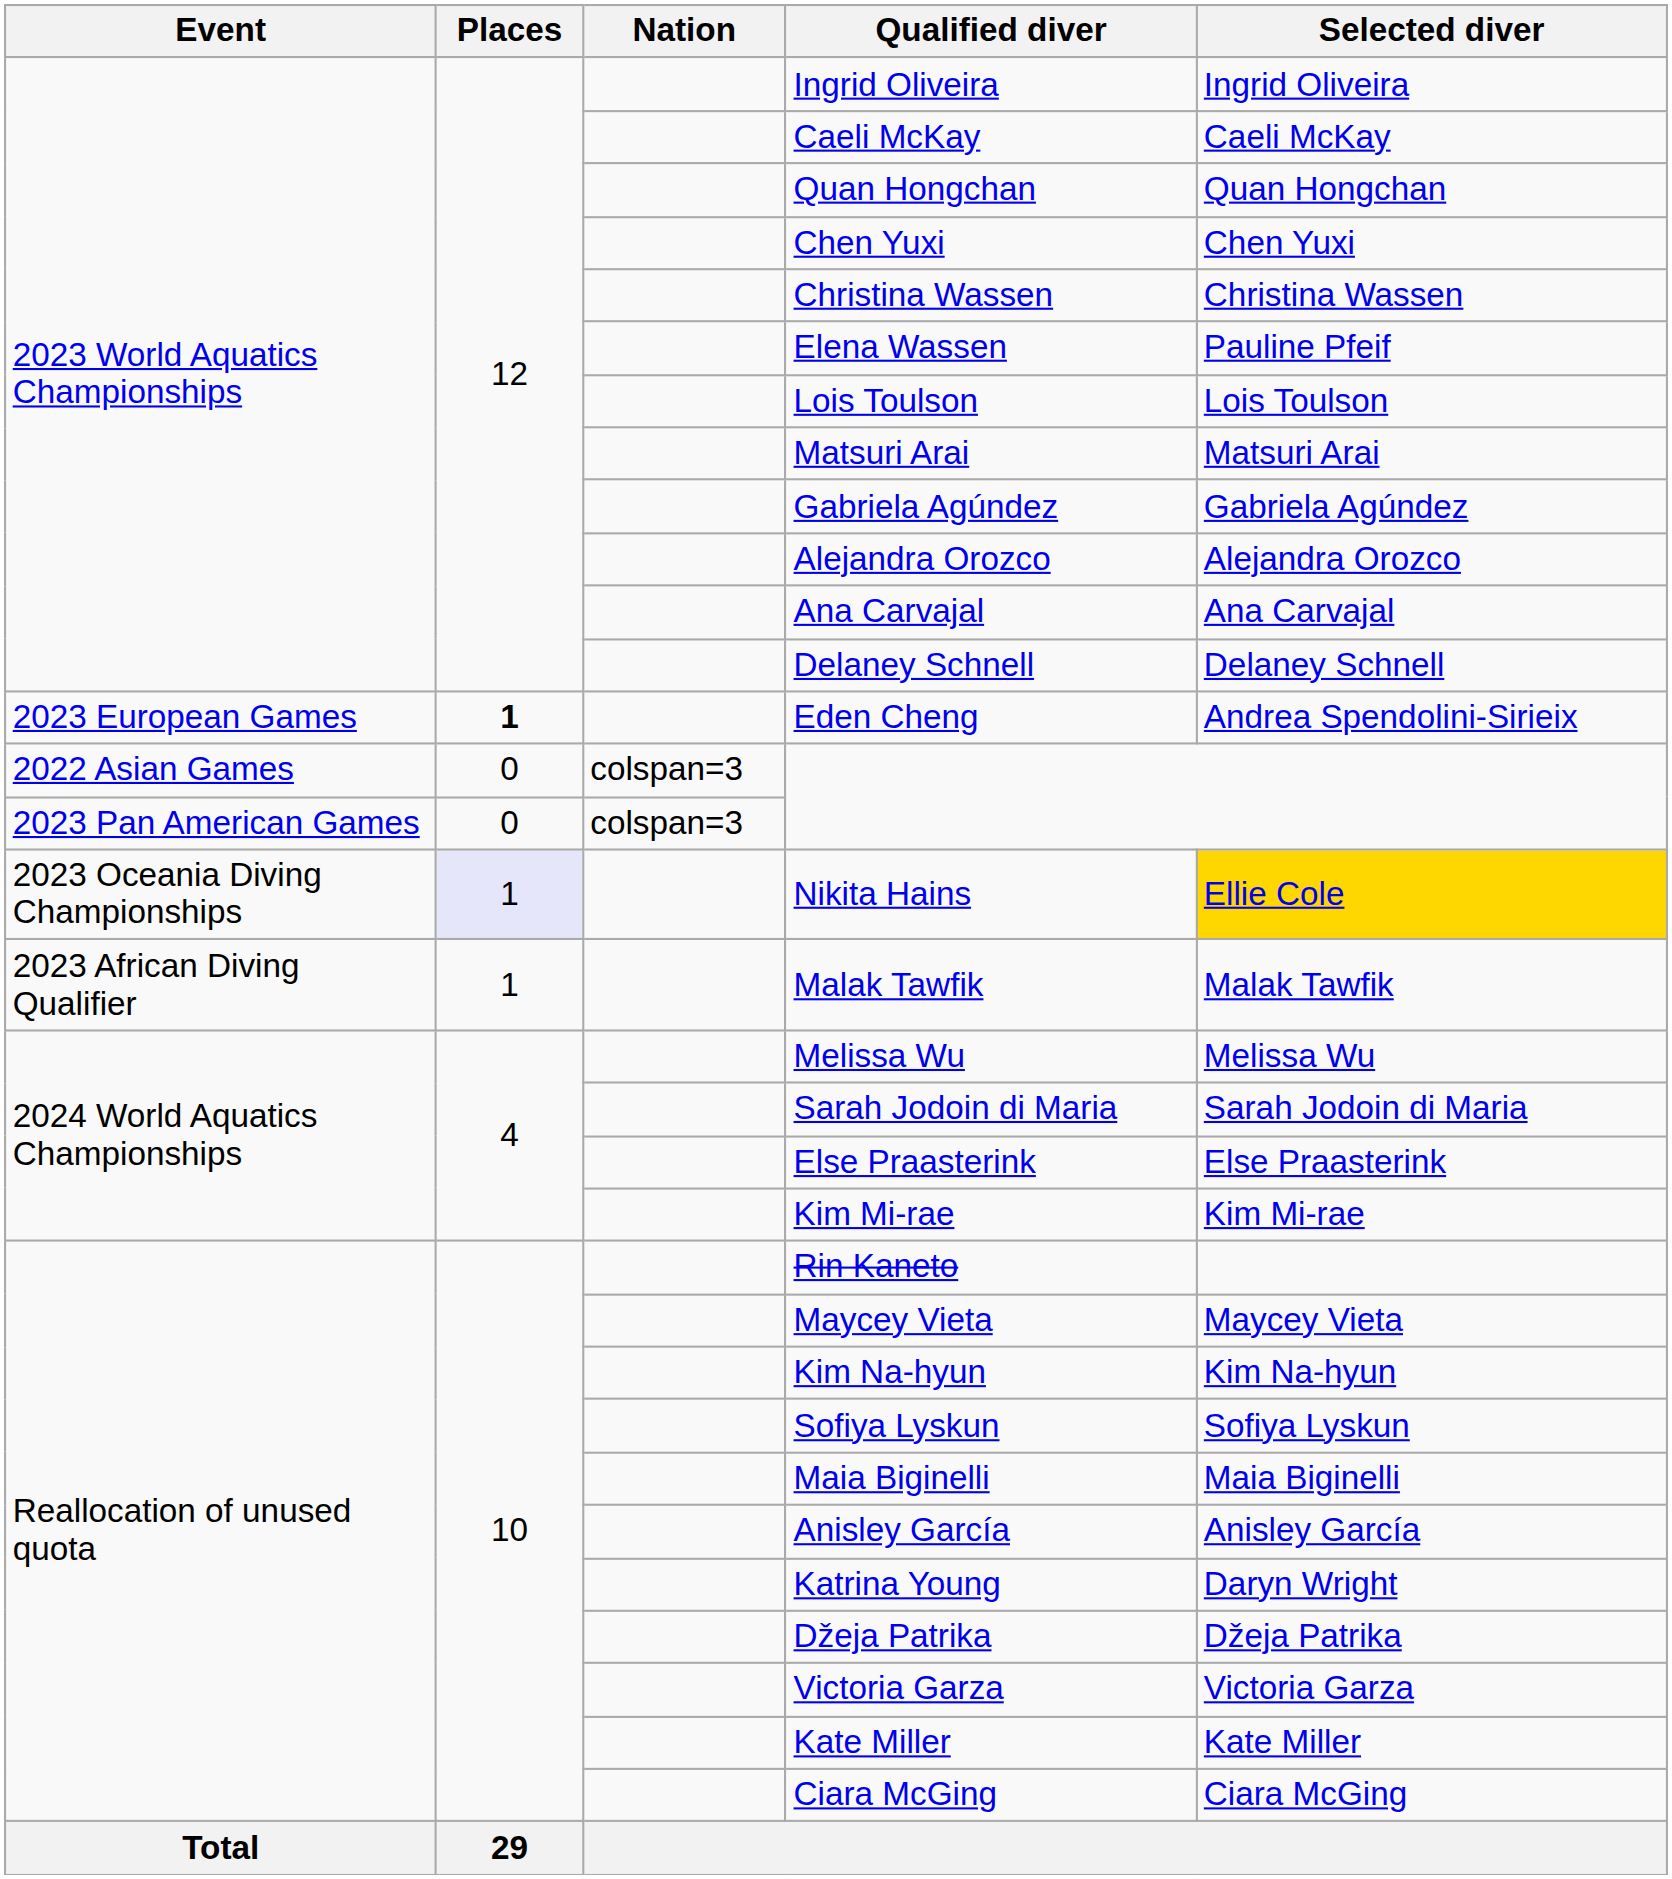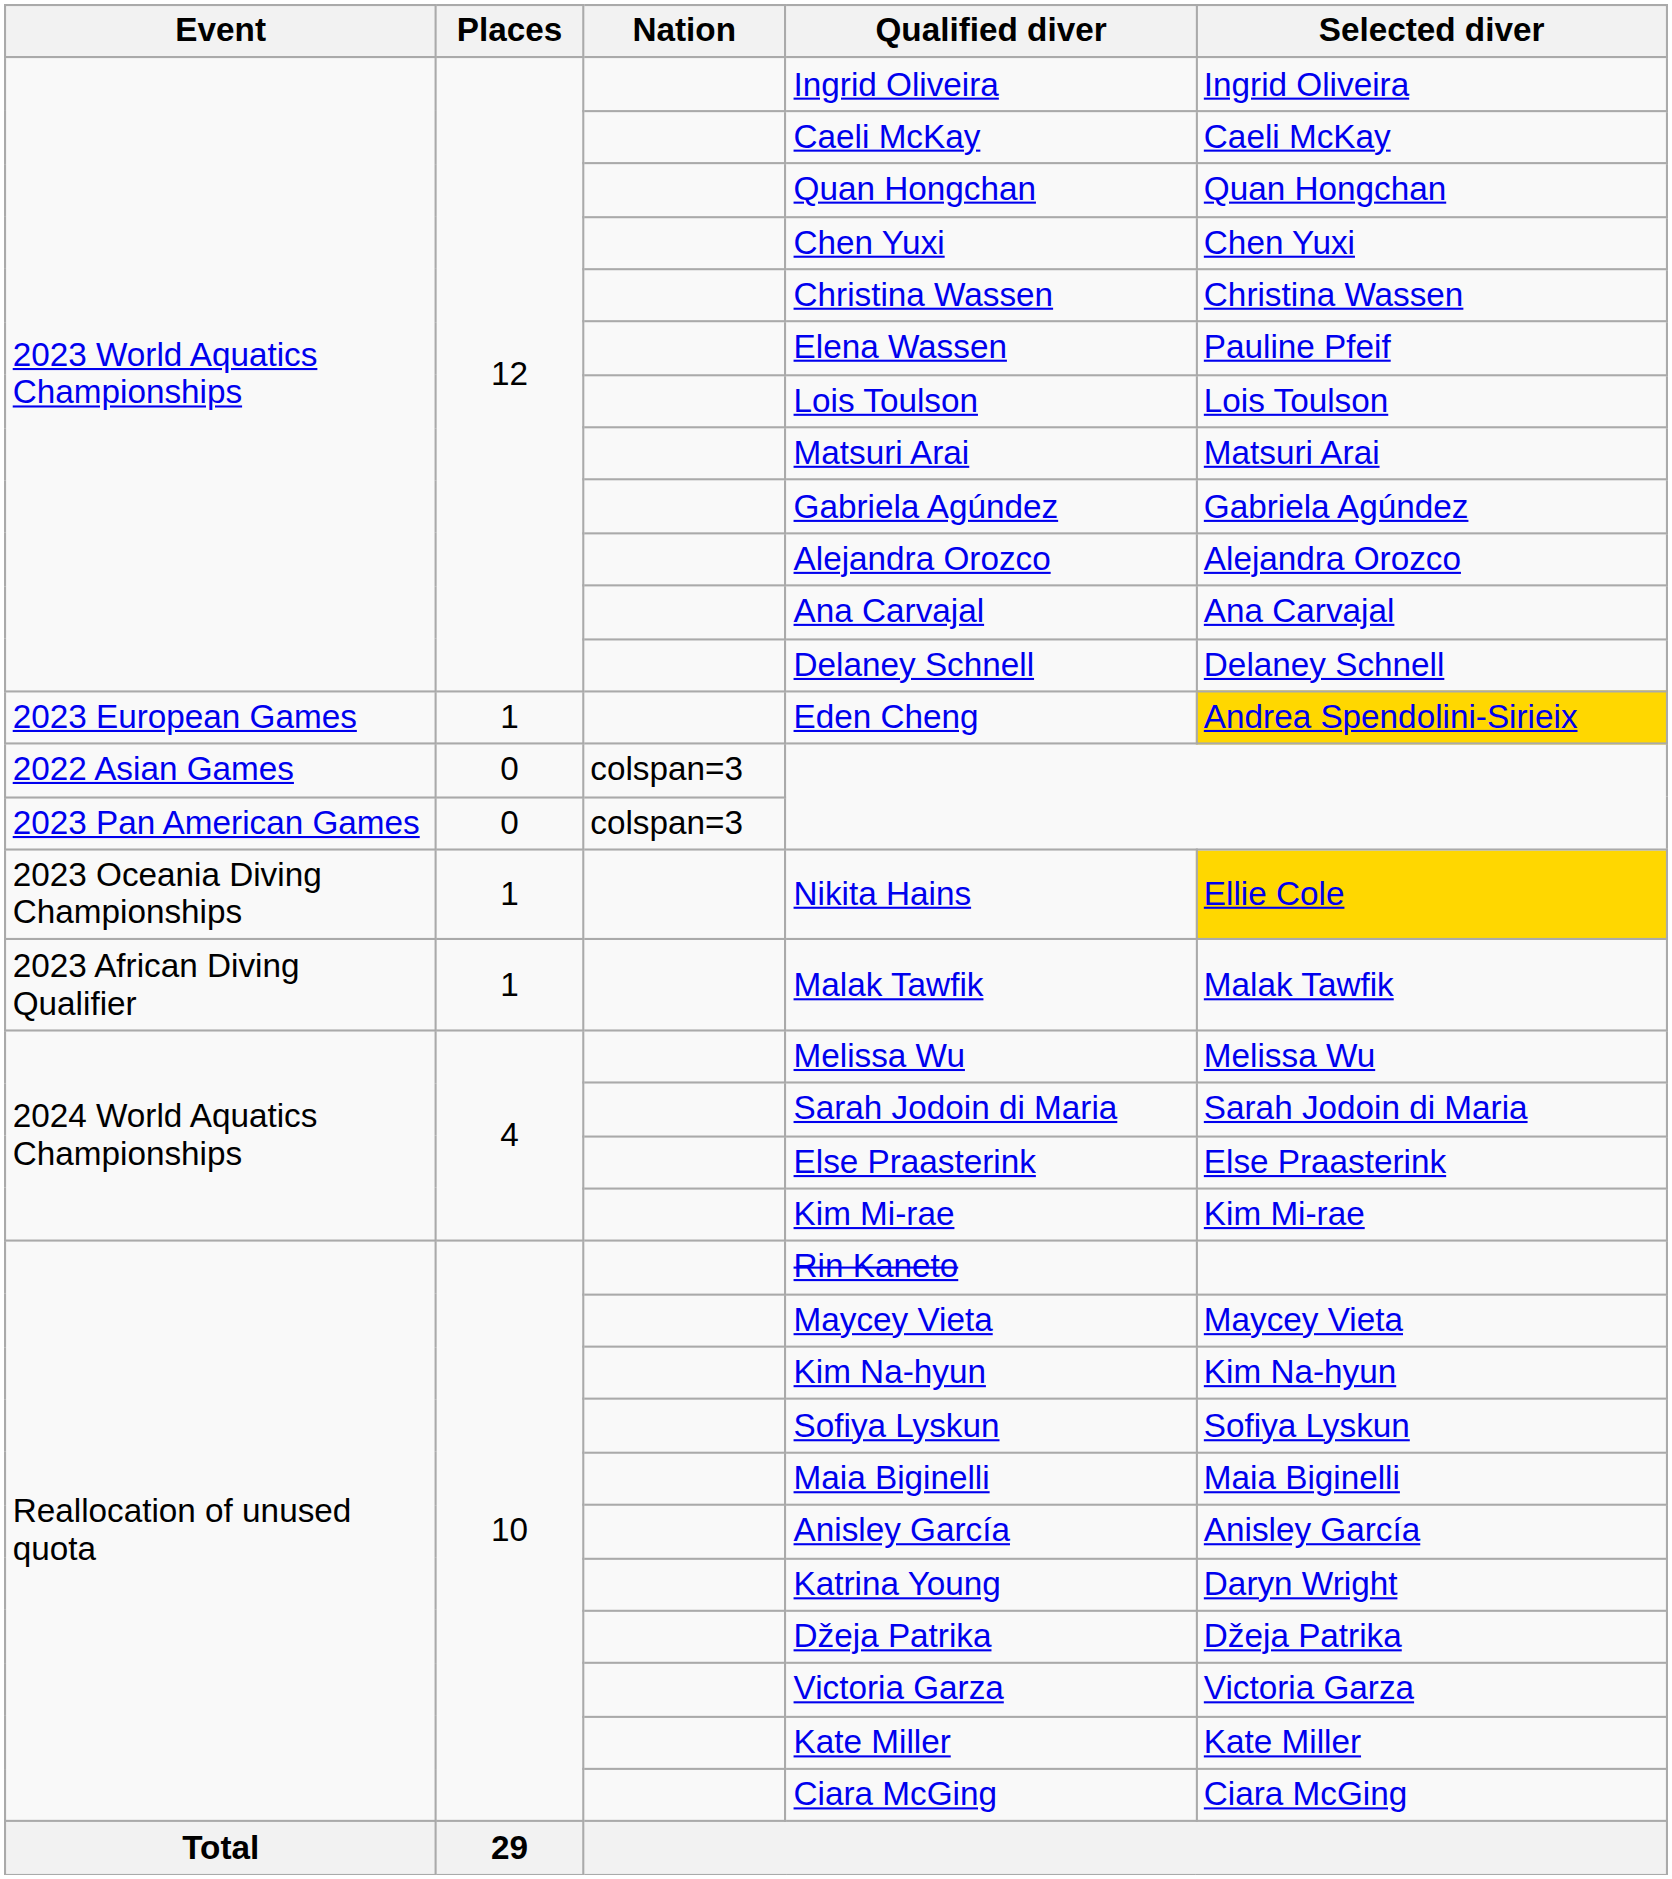 <table class="wikitable" width=800>
 <tr>
 <th width=200>Event</th>
 <th>Places</th>
 <th>Nation</th>
 <th>Qualified diver</th>
 <th>Selected diver</th>
 </tr>
 <tr>
 <td rowspan=12><a href='#'>2023 World Aquatics Championships</a></td>
 <td rowspan=12 align=center>12</td>
 <td></td>
 <td><a href='#'>Ingrid Oliveira</a></td>
 <td><a href='#'>Ingrid Oliveira</a></td>
 </tr>
 <tr>
 <td></td>
 <td><a href='#'>Caeli McKay</a></td>
 <td><a href='#'>Caeli McKay</a></td>
 </tr>
 <tr>
 <td></td>
 <td><a href='#'>Quan Hongchan</a></td>
 <td><a href='#'>Quan Hongchan</a></td>
 </tr>
 <tr>
 <td></td>
 <td><a href='#'>Chen Yuxi</a></td>
 <td><a href='#'>Chen Yuxi</a></td>
 </tr>
 <tr>
 <td></td>
 <td><a href='#'>Christina Wassen</a></td>
 <td><a href='#'>Christina Wassen</a></td>
 </tr>
 <tr>
 <td></td>
 <td><a href='#'>Elena Wassen</a></td>
 <td><a href='#'>Pauline Pfeif</a></td>
 </tr>
 <tr>
 <td></td>
 <td><a href='#'>Lois Toulson</a></td>
 <td><a href='#'>Lois Toulson</a></td>
 </tr>
 <tr>
 <td></td>
 <td><a href='#'>Matsuri Arai</a></td>
 <td><a href='#'>Matsuri Arai</a></td>
 </tr>
 <tr>
 <td></td>
 <td><a href='#'>Gabriela Agúndez</a></td>
 <td><a href='#'>Gabriela Agúndez</a></td>
 </tr>
 <tr>
 <td></td>
 <td><a href='#'>Alejandra Orozco</a></td>
 <td><a href='#'>Alejandra Orozco</a></td>
 </tr>
 <tr>
 <td></td>
 <td><a href='#'>Ana Carvajal</a></td>
 <td><a href='#'>Ana Carvajal</a></td>
 </tr>
 <tr>
 <td></td>
 <td><a href='#'>Delaney Schnell</a></td>
 <td><a href='#'>Delaney Schnell</a></td>
 </tr>
 <tr>
 <td><a href='#'>2023 European Games</a></td>
-<td align=center><strong>1</strong></td>
+<td align=center>1</td>
 <td></td>
 <td><a href='#'>Eden Cheng</a></td>
-<td><a href='#'>Andrea Spendolini-Sirieix</a></td>
+<td style="background: gold;"><a href='#'>Andrea Spendolini-Sirieix</a></td>
 </tr>
 <tr>
 <td><a href='#'>2022 Asian Games</a></td>
 <td align=center>0</td>
 <td>colspan=3 </td>
 </tr>
 <tr>
 <td><a href='#'>2023 Pan American Games</a></td>
 <td align=center>0</td>
 <td>colspan=3 </td>
 </tr>
 <tr>
 <td>2023 Oceania Diving Championships</td>
-<td align=center style="background: lavender;">1</td>
+<td align=center>1</td>
 <td></td>
 <td><a href='#'>Nikita Hains</a></td>
 <td style="background: gold;"><a href='#'>Ellie Cole</a></td>
 </tr>
 <tr>
 <td>2023 African Diving Qualifier</td>
 <td align=center>1</td>
 <td></td>
 <td><a href='#'>Malak Tawfik</a></td>
 <td><a href='#'>Malak Tawfik</a></td>
 </tr>
 <tr>
 <td rowspan=4>2024 World Aquatics Championships</td>
 <td rowspan=4 align=center>4</td>
 <td></td>
 <td><a href='#'>Melissa Wu</a></td>
 <td><a href='#'>Melissa Wu</a></td>
 </tr>
 <tr>
 <td></td>
 <td><a href='#'>Sarah Jodoin di Maria</a></td>
 <td><a href='#'>Sarah Jodoin di Maria</a></td>
 </tr>
 <tr>
 <td></td>
 <td><a href='#'>Else Praasterink</a></td>
 <td><a href='#'>Else Praasterink</a></td>
 </tr>
 <tr>
 <td></td>
 <td><a href='#'>Kim Mi-rae</a></td>
 <td><a href='#'>Kim Mi-rae</a></td>
 </tr>
 <tr>
 <td rowspan="11">Reallocation of unused quota</td>
 <td rowspan="11" align="center">10</td>
 <td><s></s></td>
 <td><a href='#'><s>Rin Kaneto</s></a></td>
 <td></td>
 </tr>
 <tr>
 <td></td>
 <td><a href='#'>Maycey Vieta</a></td>
 <td><a href='#'>Maycey Vieta</a></td>
 </tr>
 <tr>
 <td></td>
 <td><a href='#'>Kim Na-hyun</a></td>
 <td><a href='#'>Kim Na-hyun</a></td>
 </tr>
 <tr>
 <td></td>
 <td><a href='#'>Sofiya Lyskun</a></td>
 <td><a href='#'>Sofiya Lyskun</a></td>
 </tr>
 <tr>
 <td></td>
 <td><a href='#'>Maia Biginelli</a></td>
 <td><a href='#'>Maia Biginelli</a></td>
 </tr>
 <tr>
 <td></td>
 <td><a href='#'>Anisley García</a></td>
 <td><a href='#'>Anisley García</a></td>
 </tr>
 <tr>
 <td></td>
 <td><a href='#'>Katrina Young</a></td>
 <td><a href='#'>Daryn Wright</a></td>
 </tr>
 <tr>
 <td></td>
 <td><a href='#'>Džeja Patrika</a></td>
 <td><a href='#'>Džeja Patrika</a></td>
 </tr>
 <tr>
 <td></td>
 <td><a href='#'>Victoria Garza</a></td>
 <td><a href='#'>Victoria Garza</a></td>
 </tr>
 <tr>
 <td></td>
 <td><a href='#'>Kate Miller</a></td>
 <td><a href='#'>Kate Miller</a></td>
 </tr>
 <tr>
 <td></td>
 <td><a href='#'>Ciara McGing</a></td>
 <td><a href='#'>Ciara McGing</a></td>
 </tr>
 <tr>
 <th>Total</th>
 <th>29</th>
 <th colspan="3"></th>
 </tr>
 </table>
